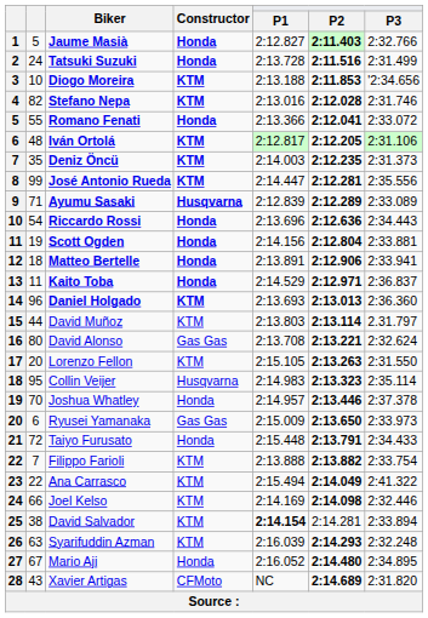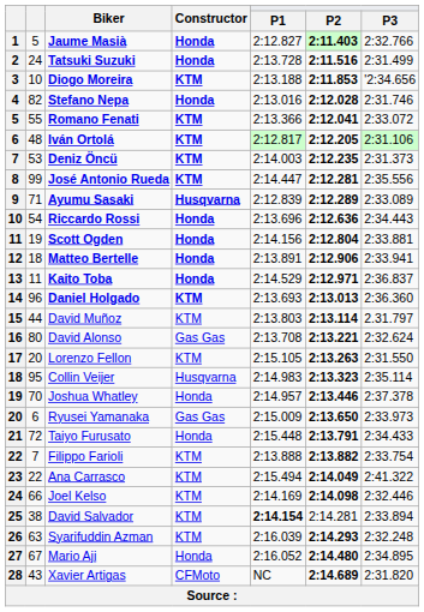 <table class="wikitable sortable" style="font-size: 85%;">
 <tr>
 <th rowspan="2"></th>
 <th rowspan="2"></th>
 <th rowspan="2">Biker</th>
 <th rowspan="2">Constructor</th>
 <th colspan="3" style="background:#eaecf0; text-align:center;"></th>
 </tr>
 <tr>
 <th scope="col">P1</th>
 <th scope="col">P2</th>
 <th scope="col">P3</th>
 </tr>
 <tr>
 <th scope="row">1</th>
 <td align="center">5</td>
 <td><strong> <a href='#'>Jaume Masià</a></strong></td>
 <td><strong><a href='#'>Honda</a></strong></td>
 <td>2:12.827</td>
 <td style="background:#ccffcc;"><strong>2:11.403</strong></td>
 <td>2:32.766</td>
 </tr>
 <tr>
 <th scope="row">2</th>
 <td align="center">24</td>
 <td><strong> <a href='#'>Tatsuki Suzuki</a></strong></td>
 <td><strong><a href='#'>Honda</a></strong></td>
 <td>2:13.728</td>
 <td><strong>2:11.516</strong></td>
 <td>2:31.499</td>
 </tr>
 <tr>
 <th scope="row">3</th>
 <td align="center">10</td>
 <td><strong> <a href='#'>Diogo Moreira</a></strong></td>
 <td><strong><a href='#'>KTM</a></strong></td>
 <td>2:13.188</td>
 <td><strong>2:11.853</strong></td>
 <td>'2:34.656</td>
 </tr>
 <tr>
 <th scope="row">4</th>
 <td align="center">82</td>
 <td> <strong><a href='#'>Stefano Nepa</a></strong></td>
-<td><strong><a href='#'>KTM</a></strong></td>
+<td><strong><a href='#'>Honda</a></strong></td>
 <td>2:13.016</td>
 <td><strong>2:12.028</strong></td>
 <td>2:31.746</td>
 </tr>
 <tr>
 <th scope="row">5</th>
 <td align="center">55</td>
 <td><strong> <a href='#'>Romano Fenati</a></strong></td>
-<td><strong><a href='#'>Honda</a></strong></td>
+<td><strong><a href='#'>KTM</a></strong></td>
 <td>2:13.366</td>
 <td><strong>2:12.041</strong></td>
 <td>2:33.072</td>
 </tr>
 <tr>
 <th scope="row">6</th>
 <td align="center">48</td>
 <td> <strong><a href='#'>Iván Ortolá</a></strong></td>
 <td><strong><a href='#'>KTM</a></strong></td>
 <td style="background:#ccffcc;">2:12.817</td>
 <td><strong>2:12.205</strong></td>
 <td style="background:#ccffcc;">2:31.106</td>
 </tr>
 <tr>
 <th scope="row">7</th>
-<td align="center">35</td>
+<td align="center">53</td>
 <td><strong></strong> <strong><a href='#'>Deniz Öncü</a></strong></td>
 <td><strong><a href='#'>KTM</a></strong></td>
 <td>2:14.003</td>
 <td><strong>2:12.235</strong></td>
 <td>2:31.373</td>
 </tr>
 <tr>
 <th scope="row">8</th>
 <td align="center">99</td>
 <td><strong> <a href='#'>José Antonio Rueda</a></strong></td>
 <td><strong><a href='#'>KTM</a></strong></td>
 <td>2:14.447</td>
 <td><strong>2:12.281</strong></td>
 <td>2:35.556</td>
 </tr>
 <tr>
 <th scope="row">9</th>
 <td align="center">71</td>
 <td><strong> <a href='#'>Ayumu Sasaki</a></strong></td>
 <td><strong><a href='#'>Husqvarna</a></strong></td>
 <td>2:12.839</td>
 <td><strong>2:12.289</strong></td>
 <td>2:33.089</td>
 </tr>
 <tr>
 <th scope="row">10</th>
 <td align="center">54</td>
 <td><strong> <a href='#'>Riccardo Rossi</a></strong></td>
 <td><strong><a href='#'>Honda</a></strong></td>
 <td>2:13.696</td>
 <td><strong>2:12.636</strong></td>
 <td>2:34.443</td>
 </tr>
 <tr>
 <th scope="row">11</th>
 <td align="center">19</td>
 <td> <strong><a href='#'>Scott Ogden</a></strong></td>
 <td><strong><a href='#'>Honda</a></strong></td>
 <td>2:14.156</td>
 <td><strong>2:12.804</strong></td>
 <td>2:33.881</td>
 </tr>
 <tr>
 <th scope="row">12</th>
 <td align="center">18</td>
 <td><strong> <a href='#'>Matteo Bertelle</a></strong></td>
 <td><strong><a href='#'>Honda</a></strong></td>
 <td>2:13.891</td>
 <td><strong>2:12.906</strong></td>
 <td>2:33.941</td>
 </tr>
 <tr>
 <th scope="row">13</th>
 <td align="center">11</td>
 <td><strong> <a href='#'>Kaito Toba</a></strong></td>
 <td><strong><a href='#'>Honda</a></strong></td>
 <td>2:14.529</td>
 <td><strong>2:12.971</strong></td>
 <td>2:36.837</td>
 </tr>
 <tr>
 <th scope="row">14</th>
 <td align="center">96</td>
 <td><strong></strong> <strong><a href='#'>Daniel Holgado</a></strong></td>
 <td><strong><a href='#'>KTM</a></strong></td>
 <td>2:13.693</td>
 <td><strong>2:13.013</strong></td>
 <td>2:36.360</td>
 </tr>
 <tr>
 <th scope="row">15</th>
 <td align="center">44</td>
 <td> <a href='#'>David Muñoz</a></td>
 <td><a href='#'>KTM</a></td>
 <td>2:13.803</td>
 <td><strong>2:13.114</strong></td>
 <td>2.31.797</td>
 </tr>
 <tr>
 <th scope="row">16</th>
 <td align="center">80</td>
 <td> <a href='#'>David Alonso</a></td>
 <td><a href='#'>Gas Gas</a></td>
 <td>2:13.708</td>
 <td><strong>2:13.221</strong></td>
 <td>2:32.624</td>
 </tr>
 <tr>
 <th scope="row">17</th>
 <td align="center">20</td>
 <td> <a href='#'>Lorenzo Fellon</a></td>
 <td><a href='#'>KTM</a></td>
 <td>2:15.105</td>
 <td><strong>2:13.263</strong></td>
 <td>2:31.550</td>
 </tr>
 <tr>
 <th scope="row">18</th>
 <td align="center">95</td>
 <td> <a href='#'>Collin Veijer</a></td>
 <td><a href='#'>Husqvarna</a></td>
 <td>2:14.983</td>
 <td><strong>2:13.323</strong></td>
 <td>2:35.114</td>
 </tr>
 <tr>
 <th scope="row">19</th>
 <td align="center">70</td>
 <td> <a href='#'>Joshua Whatley</a></td>
 <td><a href='#'>Honda</a></td>
 <td>2:14.957</td>
 <td><strong>2:13.446</strong></td>
 <td>2:37.378</td>
 </tr>
 <tr>
 <th scope="row">20</th>
 <td align="center">6</td>
 <td> <a href='#'>Ryusei Yamanaka</a></td>
 <td><a href='#'>Gas Gas</a></td>
 <td>2:15.009</td>
 <td><strong>2:13.650</strong></td>
 <td>2:33.973</td>
 </tr>
 <tr>
 <th scope="row">21</th>
 <td align="center">72</td>
 <td> <a href='#'>Taiyo Furusato</a></td>
 <td><a href='#'>Honda</a></td>
 <td>2:15.448</td>
 <td><strong>2:13.791</strong></td>
 <td>2:34.433</td>
 </tr>
 <tr>
 <th scope="row">22</th>
 <td align="center">7</td>
 <td> <a href='#'>Filippo Farioli</a></td>
 <td><a href='#'>KTM</a></td>
 <td>2:13.888</td>
 <td><strong>2:13.882</strong></td>
 <td>2:33.754</td>
 </tr>
 <tr>
 <th scope="row">23</th>
 <td align="center">22</td>
 <td> <a href='#'>Ana Carrasco</a></td>
 <td><a href='#'>KTM</a></td>
 <td>2:15.494</td>
 <td><strong>2:14.049</strong></td>
 <td>2:41.322</td>
 </tr>
 <tr>
 <th scope="row">24</th>
 <td align="center">66</td>
 <td> <a href='#'>Joel Kelso</a></td>
 <td><a href='#'>KTM</a></td>
 <td>2:14.169</td>
 <td><strong>2:14.098</strong></td>
 <td>2:32.446</td>
 </tr>
 <tr>
 <th scope="row">25</th>
 <td align="center">38</td>
 <td> <a href='#'>David Salvador</a></td>
 <td><a href='#'>KTM</a></td>
 <td><strong>2:14.154</strong></td>
 <td>2:14.281</td>
 <td>2:33.894</td>
 </tr>
 <tr>
 <th scope="row">26</th>
 <td align="center">63</td>
 <td> <a href='#'>Syarifuddin Azman</a></td>
 <td><a href='#'>KTM</a></td>
 <td>2:16.039</td>
 <td><strong>2:14.293</strong></td>
 <td>2:32.248</td>
 </tr>
 <tr>
 <th scope="row">27</th>
 <td align="center">67</td>
 <td> <a href='#'>Mario Aji</a></td>
 <td><a href='#'>Honda</a></td>
 <td>2:16.052</td>
 <td><strong>2:14.480</strong></td>
 <td>2:34.895</td>
 </tr>
 <tr>
 <th scope="row">28</th>
 <td align="center">43</td>
 <td> <a href='#'>Xavier Artigas</a></td>
 <td><a href='#'>CFMoto</a></td>
 <td>NC</td>
 <td><strong>2:14.689</strong></td>
 <td>2:31.820</td>
 </tr>
 <tr>
 <th colspan="7">Source : </th>
 </tr>
 </table>
